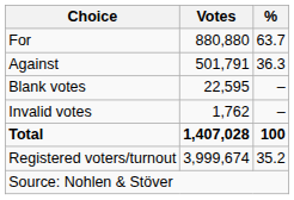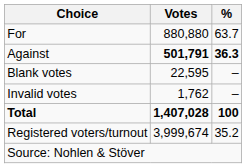 <table class=wikitable style=text-align:right>
 <tr>
 <th>Choice</th>
 <th>Votes</th>
 <th>%</th>
 </tr>
 <tr>
 <td align=left>For</td>
 <td>880,880</td>
 <td>63.7</td>
 </tr>
 <tr>
 <td align=left>Against</td>
-<td>501,791</td>
-<td>36.3</td>
+<td><strong>501,791</strong></td>
+<td><strong>36.3</strong></td>
 </tr>
 <tr>
 <td align=left>Blank votes</td>
 <td>22,595</td>
 <td>–</td>
 </tr>
 <tr>
 <td align=left>Invalid votes</td>
 <td>1,762</td>
 <td>–</td>
 </tr>
 <tr>
 <td align=left><strong>Total</strong></td>
 <td><strong>1,407,028</strong></td>
 <td><strong>100</strong></td>
 </tr>
 <tr>
 <td align=left>Registered voters/turnout</td>
 <td>3,999,674</td>
 <td>35.2</td>
 </tr>
 <tr>
 <td align=left colspan=3>Source: Nohlen & Stöver</td>
 </tr>
 </table>
